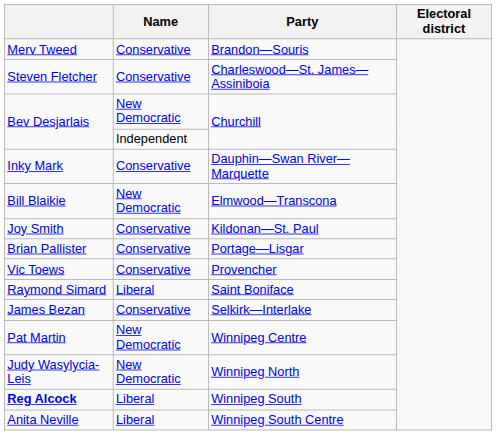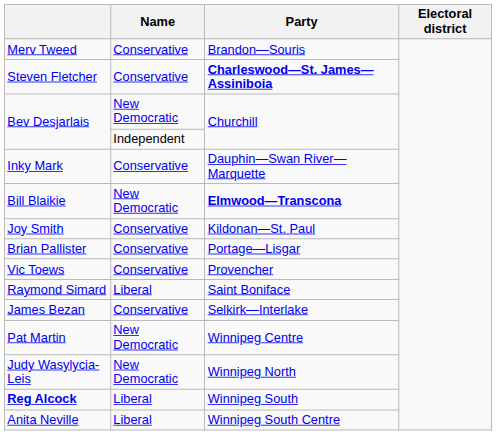 <table class="wikitable" width="610">
 <tr>
 <th></th>
 <th>Name</th>
 <th>Party</th>
 <th>Electoral district</th>
 </tr>
 <tr>
 <td><a href='#'>Merv Tweed</a></td>
 <td><a href='#'>Conservative</a></td>
 <td><a href='#'>Brandon—Souris</a></td>
 </tr>
 <tr>
 <td><a href='#'>Steven Fletcher</a></td>
 <td><a href='#'>Conservative</a></td>
-<td><a href='#'>Charleswood—St. James—Assiniboia</a></td>
+<td><strong><a href='#'>Charleswood—St. James—Assiniboia</a></strong></td>
 </tr>
 <tr>
 <td rowspan=2><a href='#'>Bev Desjarlais</a></td>
 <td><a href='#'>New Democratic</a></td>
 <td rowspan=2><a href='#'>Churchill</a></td>
 </tr>
 <tr>
 <td>Independent</td>
 </tr>
 <tr>
 <td><a href='#'>Inky Mark</a></td>
 <td><a href='#'>Conservative</a></td>
 <td><a href='#'>Dauphin—Swan River—Marquette</a></td>
 </tr>
 <tr>
 <td><a href='#'>Bill Blaikie</a></td>
 <td><a href='#'>New Democratic</a></td>
-<td><a href='#'>Elmwood—Transcona</a></td>
+<td><strong><a href='#'>Elmwood—Transcona</a></strong></td>
 </tr>
 <tr>
 <td><a href='#'>Joy Smith</a></td>
 <td><a href='#'>Conservative</a></td>
 <td><a href='#'>Kildonan—St. Paul</a></td>
 </tr>
 <tr>
 <td><a href='#'>Brian Pallister</a></td>
 <td><a href='#'>Conservative</a></td>
 <td><a href='#'>Portage—Lisgar</a></td>
 </tr>
 <tr>
 <td><a href='#'>Vic Toews</a></td>
 <td><a href='#'>Conservative</a></td>
 <td><a href='#'>Provencher</a></td>
 </tr>
 <tr>
 <td><a href='#'>Raymond Simard</a></td>
 <td><a href='#'>Liberal</a></td>
 <td><a href='#'>Saint Boniface</a></td>
 </tr>
 <tr>
 <td><a href='#'>James Bezan</a></td>
 <td><a href='#'>Conservative</a></td>
 <td><a href='#'>Selkirk—Interlake</a></td>
 </tr>
 <tr>
 <td><a href='#'>Pat Martin</a></td>
 <td><a href='#'>New Democratic</a></td>
 <td><a href='#'>Winnipeg Centre</a></td>
 </tr>
 <tr>
 <td><a href='#'>Judy Wasylycia-Leis</a></td>
 <td><a href='#'>New Democratic</a></td>
 <td><a href='#'>Winnipeg North</a></td>
 </tr>
 <tr>
 <td><strong><a href='#'>Reg Alcock</a></strong></td>
 <td><a href='#'>Liberal</a></td>
 <td><a href='#'>Winnipeg South</a></td>
 </tr>
 <tr>
 <td><a href='#'>Anita Neville</a></td>
 <td><a href='#'>Liberal</a></td>
 <td><a href='#'>Winnipeg South Centre</a></td>
 </tr>
 </table>
